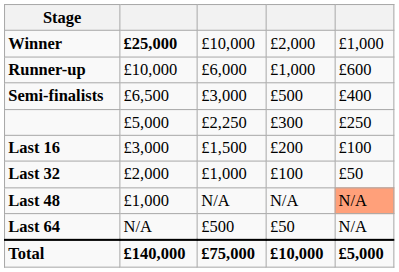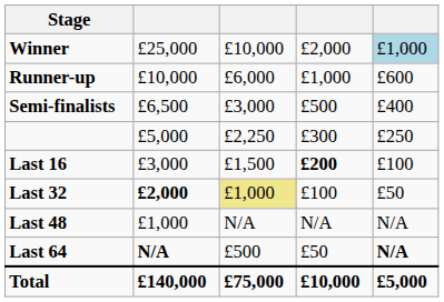 <table class="wikitable" style="width:30%; margin:0">
 <tr>
 <th>Stage</th>
 <th></th>
 <th></th>
 <th></th>
 <th></th>
 </tr>
 <tr>
 <td><strong>Winner</strong></td>
-<td><strong>£25,000</strong></td>
+<td>£25,000</td>
 <td>£10,000</td>
 <td>£2,000</td>
-<td>£1,000</td>
+<td style="background: lightblue;">£1,000</td>
 </tr>
 <tr>
 <td><strong>Runner-up</strong></td>
 <td>£10,000</td>
 <td>£6,000</td>
 <td>£1,000</td>
 <td>£600</td>
 </tr>
 <tr>
 <td><strong>Semi-finalists</strong></td>
 <td>£6,500</td>
 <td>£3,000</td>
 <td>£500</td>
 <td>£400</td>
 </tr>
 <tr>
 <td><strong></strong></td>
 <td>£5,000</td>
 <td>£2,250</td>
 <td>£300</td>
 <td>£250</td>
 </tr>
 <tr>
 <td><strong>Last 16</strong></td>
 <td>£3,000</td>
 <td>£1,500</td>
-<td>£200</td>
+<td><strong>£200</strong></td>
 <td>£100</td>
 </tr>
 <tr>
 <td><strong>Last 32</strong></td>
-<td>£2,000</td>
-<td>£1,000</td>
+<td><strong>£2,000</strong></td>
+<td style="background: khaki;">£1,000</td>
 <td>£100</td>
 <td>£50</td>
 </tr>
 <tr>
 <td><strong>Last 48</strong></td>
 <td>£1,000</td>
 <td>N/A</td>
 <td>N/A</td>
-<td style="background: lightsalmon;">N/A</td>
+<td>N/A</td>
 </tr>
 <tr style="border-bottom:2px solid black;">
 <td><strong>Last 64</strong></td>
-<td>N/A</td>
+<td><strong>N/A</strong></td>
 <td>£500</td>
 <td>£50</td>
-<td>N/A</td>
+<td><strong>N/A</strong></td>
 </tr>
 <tr>
 <td><strong>Total</strong></td>
 <td><strong>£140,000</strong></td>
 <td><strong>£75,000</strong></td>
 <td><strong>£10,000</strong></td>
 <td><strong>£5,000</strong></td>
 </tr>
 </table>
